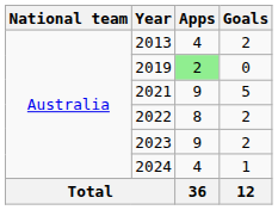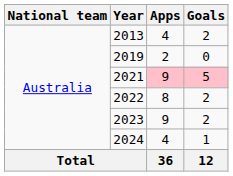 <table class="wikitable" style="text-align:center">
 <tr>
 <th>National team</th>
 <th>Year</th>
 <th>Apps</th>
 <th>Goals</th>
 </tr>
 <tr>
 <td rowspan="6"><a href='#'>Australia</a></td>
 <td>2013</td>
 <td>4</td>
 <td>2</td>
 </tr>
 <tr>
 <td>2019</td>
-<td style="background: lightgreen;">2</td>
+<td>2</td>
 <td>0</td>
 </tr>
 <tr>
 <td>2021</td>
-<td>9</td>
-<td>5</td>
+<td style="background: pink;">9</td>
+<td style="background: pink;">5</td>
 </tr>
 <tr>
 <td>2022</td>
 <td>8</td>
 <td>2</td>
 </tr>
 <tr>
 <td>2023</td>
 <td>9</td>
 <td>2</td>
 </tr>
 <tr>
 <td>2024</td>
 <td>4</td>
 <td>1</td>
 </tr>
 <tr>
 <th colspan="2">Total</th>
 <th>36</th>
 <th>12</th>
 </tr>
 </table>
